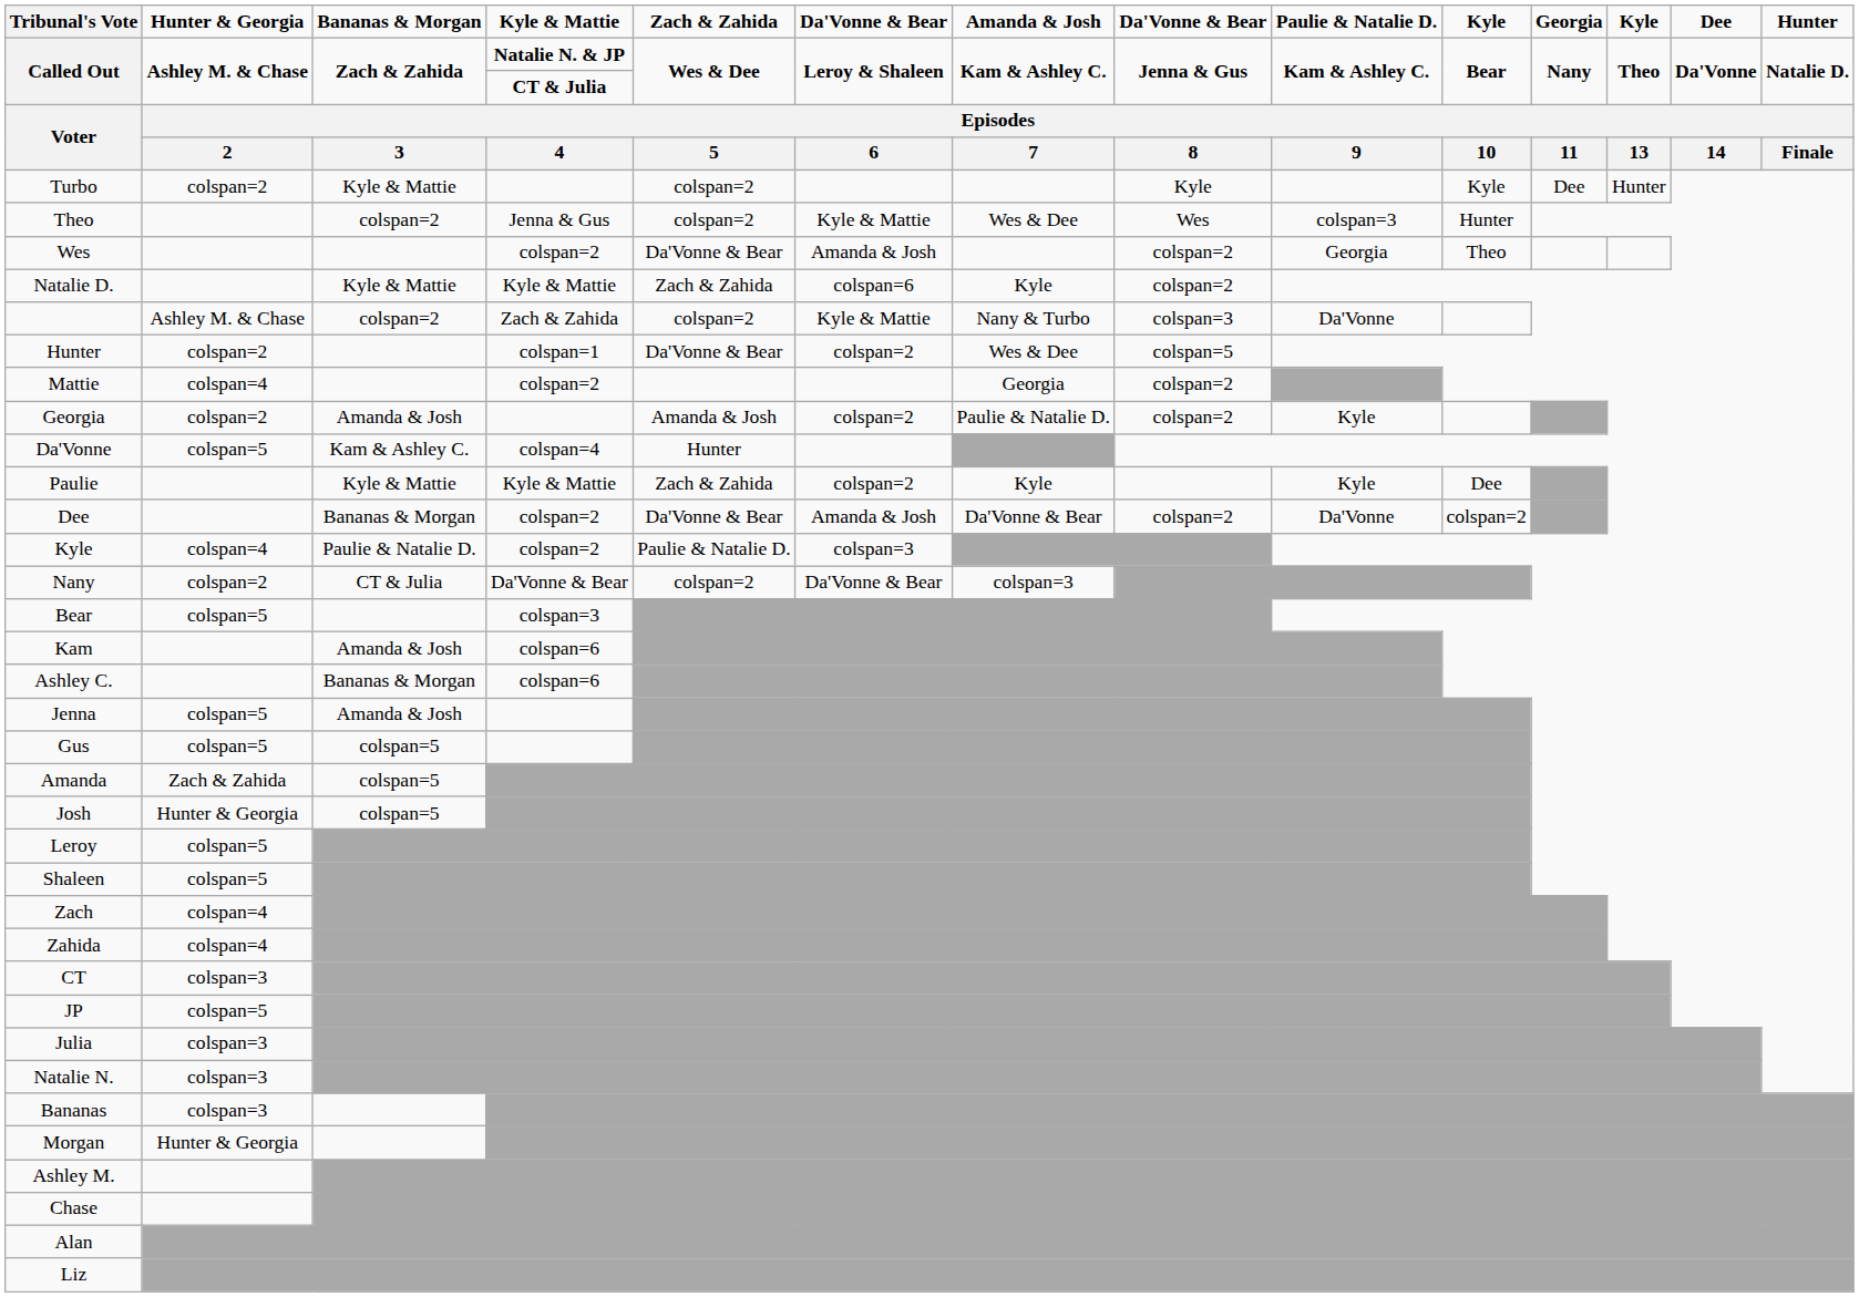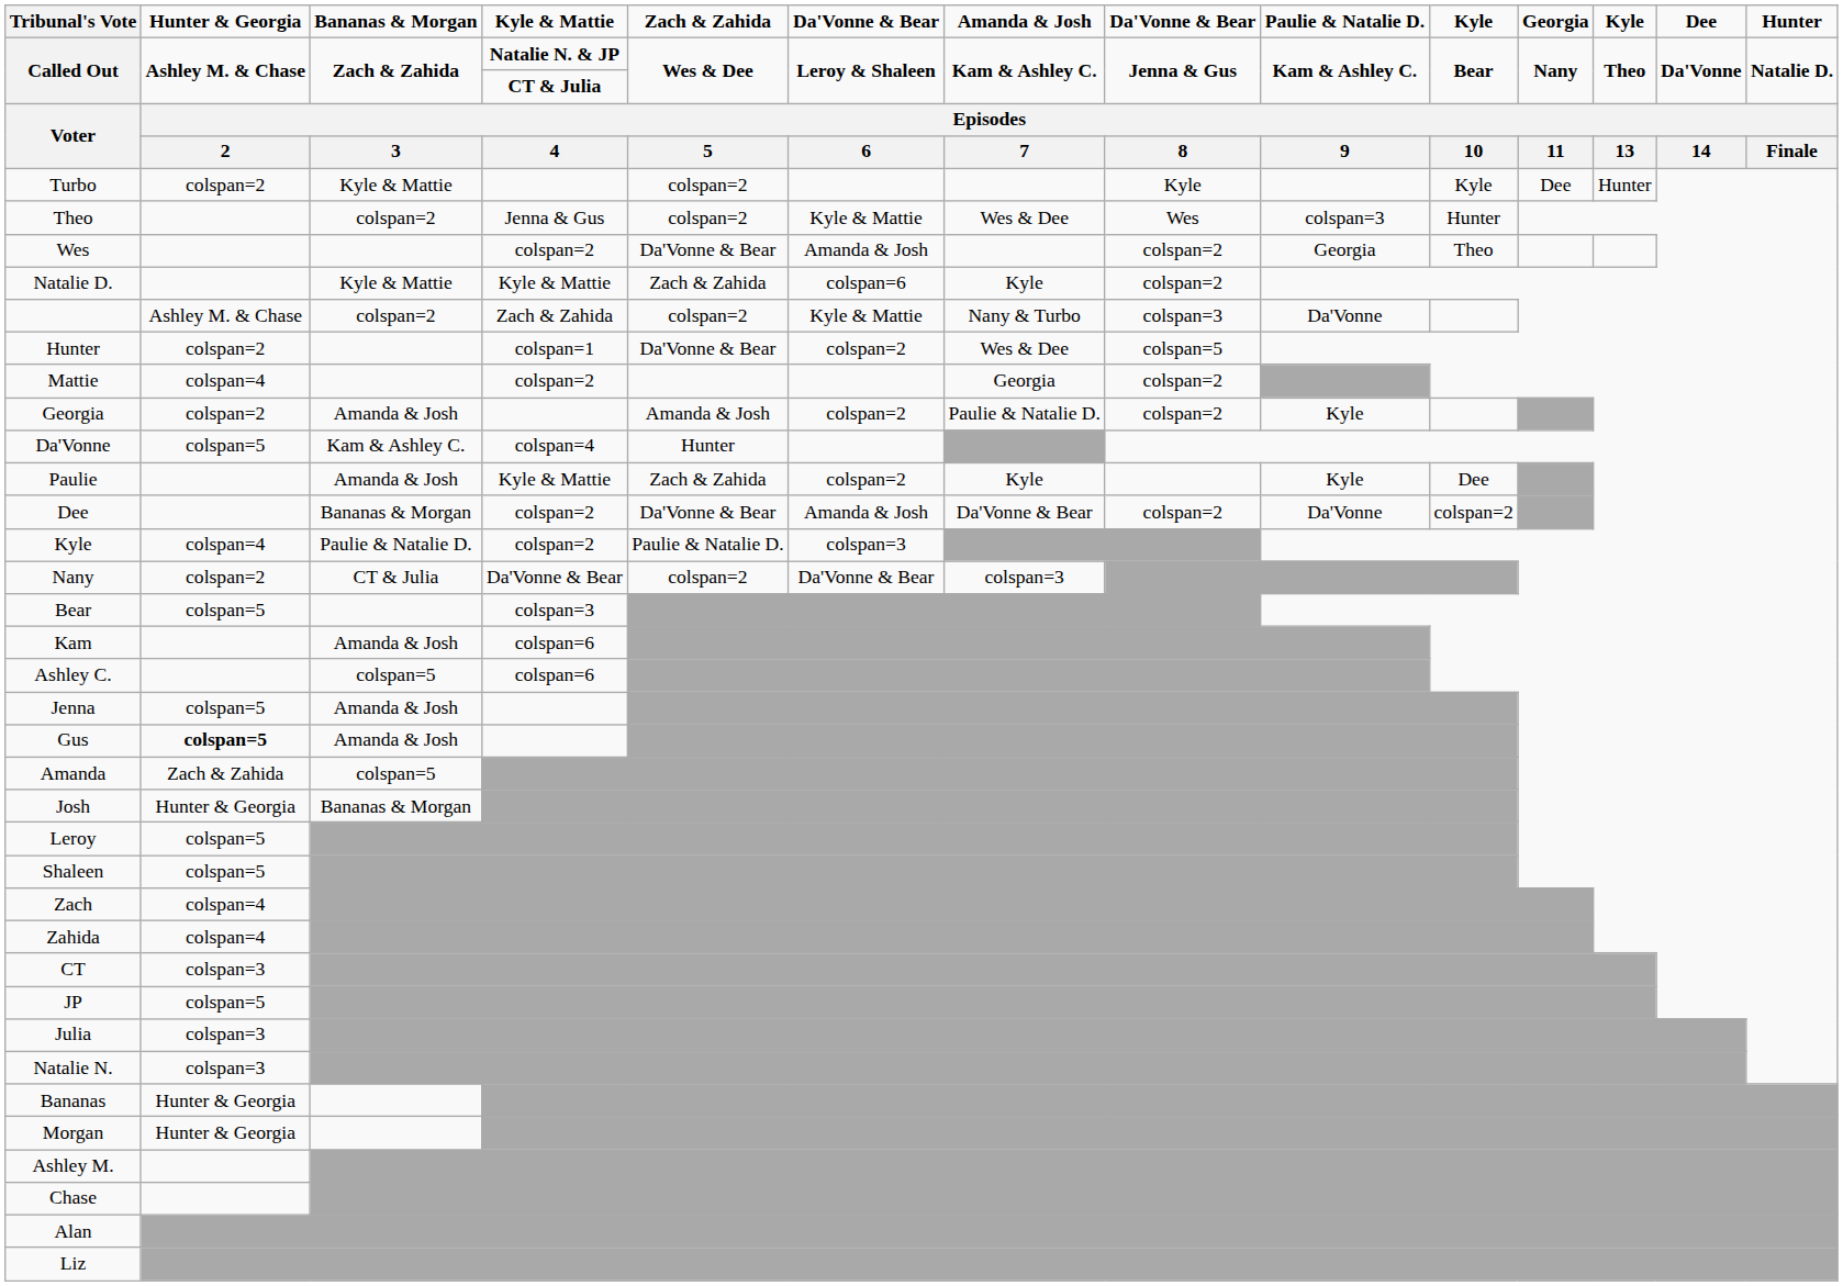 <table class="wikitable" style="text-align:center; font-size:82%; white-space:nowrap">
 <tr>
 <th nowrap>Tribunal's Vote</th>
 <td><strong>Hunter & Georgia</strong><br></td>
 <td nowrap><strong>Bananas & Morgan</strong><br></td>
 <td nowrap><strong>Kyle & Mattie</strong><br></td>
 <td nowrap><strong>Zach & Zahida</strong><br></td>
 <td nowrap><strong>Da'Vonne & Bear</strong><br></td>
 <td nowrap><strong>Amanda & Josh</strong><br></td>
 <td nowrap><strong>Da'Vonne & Bear</strong><br></td>
 <td nowrap><strong>Paulie & Natalie D.</strong><br></td>
 <td nowrap><strong>Kyle</strong><br></td>
 <td nowrap><strong>Georgia</strong><br></td>
 <td nowrap><strong>Kyle</strong><br></td>
 <td nowrap><strong>Dee</strong><br></td>
 <td nowrap><strong>Hunter</strong><br></td>
 </tr>
 <tr>
 <th rowspan=2>Called Out</th>
 <td rowspan=2 nowrap><strong>Ashley M. & Chase</strong><br></td>
 <td rowspan=2><strong>Zach & Zahida</strong><br></td>
 <td><strong>Natalie N. & JP</strong><br></td>
 <td rowspan=2><strong>Wes & Dee</strong><br></td>
 <td rowspan=2><strong>Leroy & Shaleen</strong><br></td>
 <td rowspan=2><strong>Kam & Ashley C.</strong><br></td>
 <td rowspan=2><strong>Jenna & Gus</strong><br></td>
 <td rowspan=2><strong>Kam & Ashley C.</strong><br></td>
 <td rowspan=2><strong>Bear</strong><br></td>
 <td rowspan=2><strong>Nany</strong><br></td>
 <td rowspan=2><strong>Theo</strong><br></td>
 <td rowspan=2><strong>Da'Vonne</strong><br></td>
 <td rowspan=2><strong>Natalie D.</strong><br></td>
 </tr>
 <tr>
 <td><strong>CT & Julia</strong><br></td>
 </tr>
 <tr>
 <th rowspan=2>Voter</th>
 <th colspan="14">Episodes</th>
 </tr>
 <tr>
 <th>2</th>
 <th>3</th>
 <th>4</th>
 <th>5</th>
 <th>6</th>
 <th>7</th>
 <th>8</th>
 <th>9</th>
 <th>10</th>
 <th>11</th>
 <th>13</th>
 <th>14</th>
 <th>Finale</th>
 </tr>
 <tr>
 <td>Turbo</td>
 <td>colspan=2 </td>
 <td>Kyle & Mattie</td>
 <td></td>
 <td>colspan=2 </td>
 <td></td>
 <td></td>
 <td>Kyle</td>
 <td></td>
 <td>Kyle</td>
 <td>Dee</td>
 <td>Hunter</td>
 </tr>
 <tr>
 <td>Theo</td>
 <td></td>
 <td>colspan=2 </td>
 <td>Jenna & Gus</td>
 <td>colspan=2 </td>
 <td>Kyle & Mattie</td>
 <td>Wes & Dee</td>
 <td>Wes</td>
 <td>colspan=3 </td>
 <td>Hunter</td>
 </tr>
 <tr>
 <td>Wes</td>
 <td></td>
 <td></td>
 <td>colspan=2 </td>
 <td>Da'Vonne & Bear</td>
 <td>Amanda & Josh</td>
 <td></td>
 <td>colspan=2 </td>
 <td>Georgia</td>
 <td>Theo</td>
 <td></td>
 <td></td>
 </tr>
 <tr>
 <td>Natalie D.</td>
 <td></td>
 <td>Kyle & Mattie</td>
 <td>Kyle & Mattie</td>
 <td>Zach & Zahida</td>
 <td>colspan=6 </td>
 <td>Kyle</td>
 <td>colspan=2 </td>
 </tr>
 <tr>
 <td></td>
 <td>Ashley M. & Chase</td>
 <td>colspan=2 </td>
 <td>Zach & Zahida</td>
 <td>colspan=2 </td>
 <td>Kyle & Mattie</td>
 <td>Nany & Turbo</td>
 <td>colspan=3 </td>
 <td>Da'Vonne</td>
 <td></td>
 </tr>
 <tr>
 <td>Hunter</td>
 <td>colspan=2 </td>
 <td></td>
 <td>colspan=1 </td>
 <td>Da'Vonne & Bear</td>
 <td>colspan=2 </td>
 <td>Wes & Dee</td>
 <td>colspan=5 </td>
 </tr>
 <tr>
 <td>Mattie</td>
 <td>colspan=4 </td>
 <td></td>
 <td>colspan=2 </td>
 <td></td>
 <td></td>
 <td>Georgia</td>
 <td>colspan=2 </td>
 <td style="background:darkgray" colspan=1></td>
 </tr>
 <tr>
 <td>Georgia</td>
 <td>colspan=2 </td>
 <td>Amanda & Josh</td>
 <td></td>
 <td>Amanda & Josh</td>
 <td>colspan=2 </td>
 <td>Paulie & Natalie D.</td>
 <td>colspan=2 </td>
 <td>Kyle</td>
 <td></td>
 <td style="background:darkgray" colspan=1></td>
 </tr>
 <tr>
 <td>Da'Vonne</td>
 <td>colspan=5 </td>
 <td>Kam & Ashley C.</td>
 <td>colspan=4 </td>
 <td>Hunter</td>
 <td></td>
 <td style="background:darkgray" colspan=1></td>
 </tr>
 <tr>
 <td>Paulie</td>
 <td></td>
-<td>Kyle & Mattie</td>
+<td>Amanda & Josh</td>
 <td>Kyle & Mattie</td>
 <td>Zach & Zahida</td>
 <td>colspan=2 </td>
 <td>Kyle</td>
 <td></td>
 <td>Kyle</td>
 <td>Dee</td>
 <td style="background:darkgray" colspan=1></td>
 </tr>
 <tr>
 <td>Dee</td>
 <td></td>
 <td>Bananas & Morgan</td>
 <td>colspan=2 </td>
 <td>Da'Vonne & Bear</td>
 <td>Amanda & Josh</td>
 <td>Da'Vonne & Bear</td>
 <td>colspan=2 </td>
 <td>Da'Vonne</td>
 <td>colspan=2 </td>
 <td style="background:darkgray" colspan=1></td>
 </tr>
 <tr>
 <td>Kyle</td>
 <td>colspan=4 </td>
 <td>Paulie & Natalie D.</td>
 <td>colspan=2 </td>
 <td>Paulie & Natalie D.</td>
 <td>colspan=3 </td>
 <td style="background:darkgray" colspan=2></td>
 </tr>
 <tr>
 <td>Nany</td>
 <td>colspan=2 </td>
 <td>CT & Julia</td>
 <td>Da'Vonne & Bear</td>
 <td>colspan=2 </td>
 <td>Da'Vonne & Bear</td>
 <td>colspan=3 </td>
 <td style="background:darkgray" colspan=3></td>
 </tr>
 <tr>
 <td>Bear</td>
 <td>colspan=5 </td>
 <td></td>
 <td>colspan=3 </td>
 <td style="background:darkgray" colspan=4></td>
 </tr>
 <tr>
 <td>Kam</td>
 <td></td>
 <td>Amanda & Josh</td>
 <td>colspan=6 </td>
 <td style="background:darkgray" colspan=5></td>
 </tr>
 <tr>
 <td>Ashley C.</td>
 <td></td>
-<td>Bananas & Morgan</td>
+<td>colspan=5 </td>
 <td>colspan=6 </td>
 <td style="background:darkgray" colspan=5></td>
 </tr>
 <tr>
 <td>Jenna</td>
 <td>colspan=5 </td>
 <td>Amanda & Josh</td>
 <td></td>
 <td style="background:darkgray" colspan=6></td>
 </tr>
 <tr>
 <td>Gus</td>
-<td>colspan=5 </td>
-<td>colspan=5 </td>
+<td><strong>colspan=5 </strong></td>
+<td>Amanda & Josh</td>
 <td></td>
 <td style="background:darkgray" colspan=6></td>
 </tr>
 <tr>
 <td>Amanda</td>
 <td>Zach & Zahida</td>
 <td>colspan=5 </td>
 <td style="background:darkgray" colspan=7></td>
 </tr>
 <tr>
 <td>Josh</td>
 <td>Hunter & Georgia</td>
-<td>colspan=5 </td>
+<td>Bananas & Morgan</td>
 <td style="background:darkgray" colspan=7></td>
 </tr>
 <tr>
 <td>Leroy</td>
 <td>colspan=5 </td>
 <td style="background:darkgray" colspan=8></td>
 </tr>
 <tr>
 <td>Shaleen</td>
 <td>colspan=5 </td>
 <td style="background:darkgray" colspan=8></td>
 </tr>
 <tr>
 <td>Zach</td>
 <td>colspan=4 </td>
 <td style="background:darkgray" colspan=9></td>
 </tr>
 <tr>
 <td>Zahida</td>
 <td>colspan=4 </td>
 <td style="background:darkgray" colspan=9></td>
 </tr>
 <tr>
 <td>CT</td>
 <td>colspan=3 </td>
 <td style="background:darkgray" colspan=10></td>
 </tr>
 <tr>
 <td>JP</td>
 <td>colspan=5 </td>
 <td style="background:darkgray" colspan=10></td>
 </tr>
 <tr>
 <td>Julia</td>
 <td>colspan=3 </td>
 <td style="background:darkgray" colspan=11></td>
 </tr>
 <tr>
 <td>Natalie N.</td>
 <td>colspan=3 </td>
 <td style="background:darkgray" colspan=11></td>
 </tr>
 <tr>
 <td>Bananas</td>
-<td>colspan=3 </td>
+<td>Hunter & Georgia</td>
 <td></td>
 <td style="background:darkgray" colspan=12></td>
 </tr>
 <tr>
 <td>Morgan</td>
 <td>Hunter & Georgia</td>
 <td></td>
 <td style="background:darkgray" colspan=12></td>
 </tr>
 <tr>
 <td>Ashley M.</td>
 <td></td>
 <td style="background:darkgray" colspan=13></td>
 </tr>
 <tr>
 <td>Chase</td>
 <td></td>
 <td style="background:darkgray" colspan=13></td>
 </tr>
 <tr>
 <td>Alan</td>
 <td style="background:darkgray" colspan=14></td>
 </tr>
 <tr>
 <td>Liz</td>
 <td style="background:darkgray" colspan=14></td>
 </tr>
 </table>
